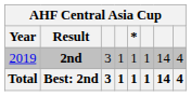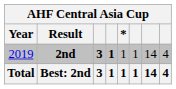 <table class="wikitable" style="text-align: center;">
 <tr>
 <th colspan=8>AHF Central Asia Cup</th>
 </tr>
 <tr>
 <th>Year</th>
 <th>Result</th>
 <th></th>
 <th></th>
 <th>*</th>
 <th></th>
 <th></th>
 <th></th>
 </tr>
 <tr bgcolor=silver>
 <td> <a href='#'>2019</a></td>
 <td><strong>2nd</strong></td>
-<td>3</td>
-<td>1</td>
+<td><strong>3</strong></td>
+<td><strong>1</strong></td>
 <td>1</td>
 <td>1</td>
 <td>14</td>
 <td>4</td>
 </tr>
 <tr>
 <th>Total</th>
 <th>Best: 2nd</th>
 <th>3</th>
 <th>1</th>
 <th>1</th>
 <th>1</th>
 <th>14</th>
 <th>4</th>
 </tr>
 </table>
